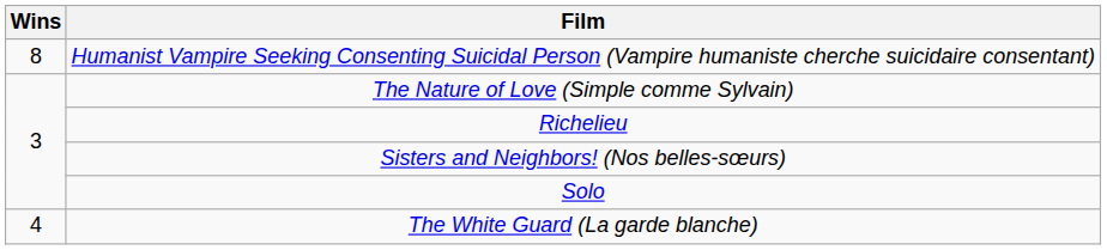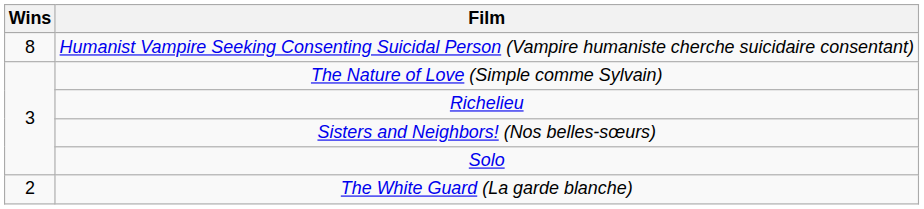 <table class="wikitable" style="text-align:center;">
 <tr>
 <th scope="col" width="17">Wins</th>
 <th scope="col" align="center">Film</th>
 </tr>
 <tr>
 <td rowspan="1" style="text-align:center;">8</td>
 <td><em><a href='#'>Humanist Vampire Seeking Consenting Suicidal Person</a> (Vampire humaniste cherche suicidaire consentant)</em></td>
 </tr>
 <tr>
 <td rowspan="4" style="text-align:center;">3</td>
 <td><em><a href='#'>The Nature of Love</a> (Simple comme Sylvain)</em></td>
 </tr>
 <tr>
 <td><em><a href='#'>Richelieu</a></em></td>
 </tr>
 <tr>
 <td><em><a href='#'>Sisters and Neighbors!</a> (Nos belles-sœurs)</em></td>
 </tr>
 <tr>
 <td><em><a href='#'>Solo</a></em></td>
 </tr>
 <tr>
-<td style="text-align:center;">4</td>
+<td style="text-align:center;">2</td>
 <td><em><a href='#'>The White Guard</a> (La garde blanche)</em></td>
 </tr>
 </table>
